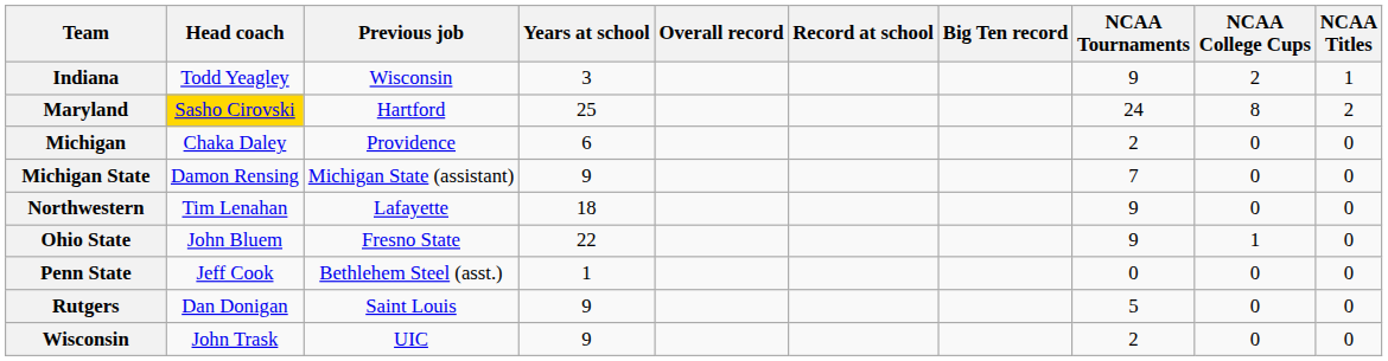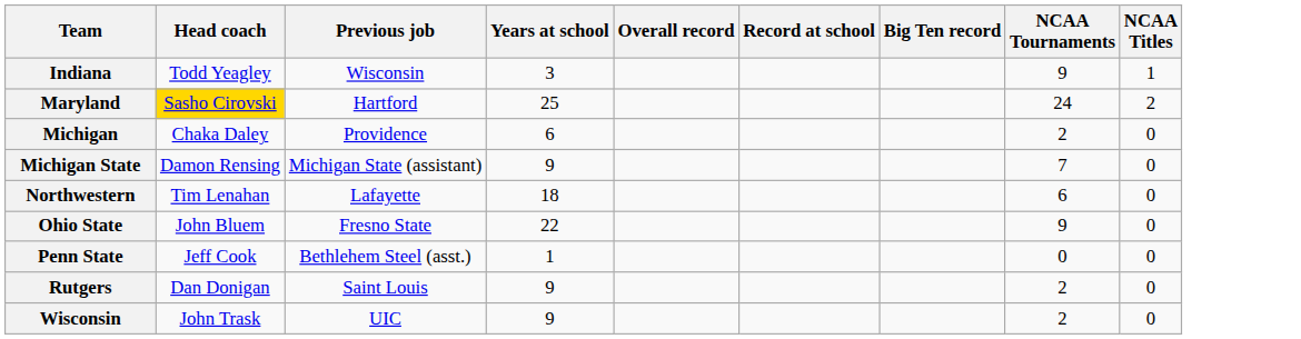 <table class="wikitable sortable" style="text-align: center;font-size:90%;">
 <tr>
 <th width="110">Team</th>
 <th>Head coach</th>
 <th>Previous job</th>
 <th>Years at school</th>
 <th>Overall record</th>
 <th>Record at school</th>
 <th>Big Ten record</th>
 <th>NCAA<br>Tournaments</th>
-<th>NCAA<br>College Cups</th>
 <th>NCAA<br>Titles</th>
 </tr>
 <tr>
 <th>Indiana</th>
 <td><a href='#'>Todd Yeagley</a></td>
 <td><a href='#'>Wisconsin</a></td>
 <td>3</td>
 <td></td>
 <td></td>
 <td></td>
 <td>9</td>
-<td>2</td>
 <td>1</td>
 </tr>
 <tr>
 <th>Maryland</th>
 <td style="background: gold;"><a href='#'>Sasho Cirovski</a></td>
 <td><a href='#'>Hartford</a></td>
 <td>25</td>
 <td></td>
 <td></td>
 <td></td>
 <td>24</td>
-<td>8</td>
 <td>2</td>
 </tr>
 <tr>
 <th>Michigan</th>
 <td><a href='#'>Chaka Daley</a></td>
 <td><a href='#'>Providence</a></td>
 <td>6</td>
 <td></td>
 <td></td>
 <td></td>
 <td>2</td>
 <td>0</td>
-<td>0</td>
 </tr>
 <tr>
 <th>Michigan State</th>
 <td><a href='#'>Damon Rensing</a></td>
 <td><a href='#'>Michigan State</a> (assistant)</td>
 <td>9</td>
 <td></td>
 <td></td>
 <td></td>
 <td>7</td>
 <td>0</td>
-<td>0</td>
 </tr>
 <tr>
 <th>Northwestern</th>
 <td><a href='#'>Tim Lenahan</a></td>
 <td><a href='#'>Lafayette</a></td>
 <td>18</td>
 <td></td>
 <td></td>
 <td></td>
-<td>9</td>
-<td>0</td>
+<td>6</td>
 <td>0</td>
 </tr>
 <tr>
 <th>Ohio State</th>
 <td><a href='#'>John Bluem</a></td>
 <td><a href='#'>Fresno State</a></td>
 <td>22</td>
 <td></td>
 <td></td>
 <td></td>
 <td>9</td>
-<td>1</td>
 <td>0</td>
 </tr>
 <tr>
 <th>Penn State</th>
 <td><a href='#'>Jeff Cook</a></td>
 <td><a href='#'>Bethlehem Steel</a> (asst.)</td>
 <td>1</td>
 <td></td>
 <td></td>
 <td></td>
 <td>0</td>
 <td>0</td>
-<td>0</td>
 </tr>
 <tr>
 <th>Rutgers</th>
 <td><a href='#'>Dan Donigan</a></td>
 <td><a href='#'>Saint Louis</a></td>
 <td>9</td>
 <td></td>
 <td></td>
 <td></td>
-<td>5</td>
-<td>0</td>
+<td>2</td>
 <td>0</td>
 </tr>
 <tr>
 <th>Wisconsin</th>
 <td><a href='#'>John Trask</a></td>
 <td><a href='#'>UIC</a></td>
 <td>9</td>
 <td></td>
 <td></td>
 <td></td>
 <td>2</td>
 <td>0</td>
-<td>0</td>
 </tr>
 </table>
